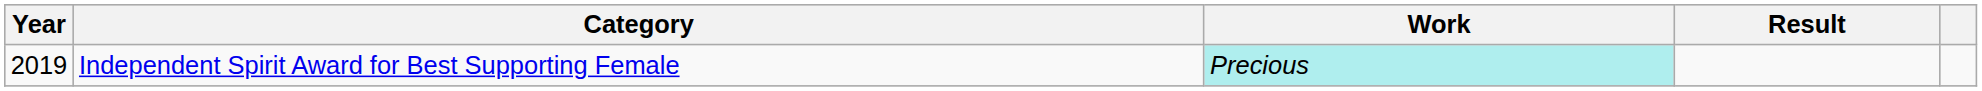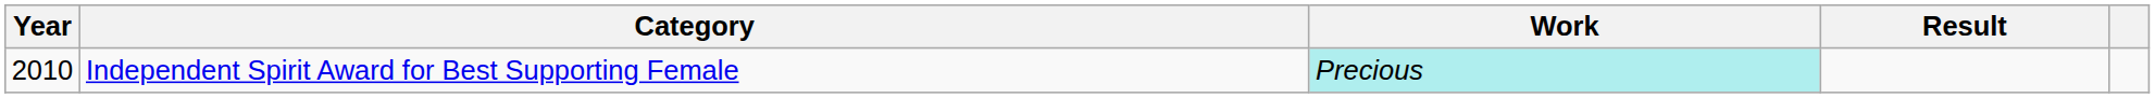 <table class="wikitable">
 <tr>
 <th scope="col" style="width:1em;">Year</th>
 <th scope="col" style="width:44em;">Category</th>
 <th scope="col" style="width:18em;">Work</th>
 <th scope="col" style="width:10em;">Result</th>
 <th class="unsortable" style="width:1em;"></th>
 </tr>
 <tr>
-<td>2019</td>
+<td>2010</td>
 <td><a href='#'>Independent Spirit Award for Best Supporting Female</a></td>
 <td style="background: paleturquoise;"><em>Precious</em></td>
 <td></td>
 <td></td>
 </tr>
 </table>
